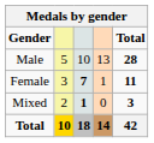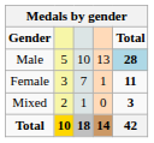 <table class="wikitable" style="font-size:85%; text-align:center;">
 <tr style="background:#efefef;">
 <th colspan=5>Medals by gender</th>
 </tr>
 <tr>
 <td><strong>Gender</strong></td>
 <td style="background:#F7F6A8;"></td>
 <td style="background:#DCE5E5;"></td>
 <td style="background:#FFDAB9;"></td>
 <td><strong>Total</strong></td>
 </tr>
 <tr>
 <td>Male</td>
 <td style="background:#F7F6A8;">5</td>
 <td style="background:#DCE5E5;">10</td>
 <td style="background:#FFDAB9;">13</td>
-<td><strong>28</strong></td>
+<td style="background: lightblue;"><strong>28</strong></td>
 </tr>
 <tr>
 <td>Female</td>
 <td style="background:#F7F6A8;">3</td>
-<td style="background:#DCE5E5;"><strong>7</strong></td>
+<td style="background:#DCE5E5;">7</td>
 <td style="background:#FFDAB9;">1</td>
 <td><strong>11</strong></td>
 </tr>
 <tr>
 <td>Mixed</td>
 <td style="background:#F7F6A8;">2</td>
-<td style="background:#DCE5E5;"><strong>1</strong></td>
+<td style="background:#DCE5E5;">1</td>
 <td style="background:#FFDAB9;">0</td>
 <td><strong>3</strong></td>
 </tr>
 <tr>
 <td><strong>Total</strong></td>
 <th style="background:gold;">10</th>
 <th style="background:silver;">18</th>
 <th style="background:#c96;">14</th>
 <th>42</th>
 </tr>
 </table>
